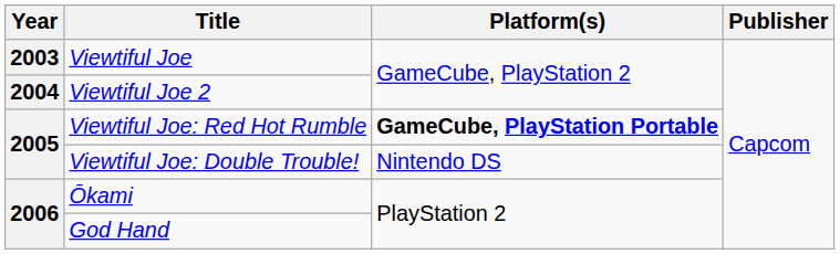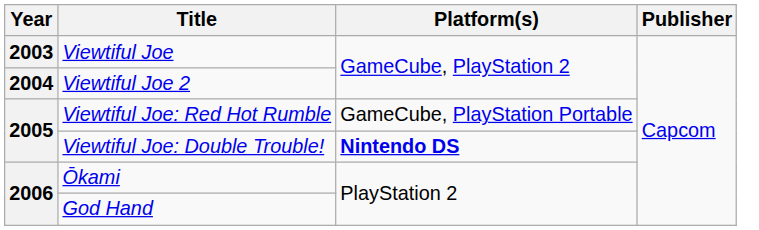 <table class="wikitable sortable">
 <tr>
 <th>Year</th>
 <th>Title</th>
 <th>Platform(s)</th>
 <th class="unsortable">Publisher</th>
 </tr>
 <tr>
 <th>2003</th>
 <td><em><a href='#'>Viewtiful Joe</a></em></td>
 <td rowspan="2"><a href='#'>GameCube</a>, <a href='#'>PlayStation 2</a></td>
 <td rowspan="6"><a href='#'>Capcom</a></td>
 </tr>
 <tr>
 <th>2004</th>
 <td><em><a href='#'>Viewtiful Joe 2</a></em></td>
 </tr>
 <tr>
 <th rowspan="2">2005</th>
 <td><em><a href='#'>Viewtiful Joe: Red Hot Rumble</a></em></td>
-<td><strong>GameCube, <a href='#'>PlayStation Portable</a></strong></td>
+<td>GameCube, <a href='#'>PlayStation Portable</a></td>
 </tr>
 <tr>
 <td><em><a href='#'>Viewtiful Joe: Double Trouble!</a></em></td>
-<td><a href='#'>Nintendo DS</a></td>
+<td><strong><a href='#'>Nintendo DS</a></strong></td>
 </tr>
 <tr>
 <th rowspan="2">2006</th>
 <td><em><a href='#'>Ōkami</a></em></td>
 <td rowspan="2">PlayStation 2</td>
 </tr>
 <tr>
 <td><em><a href='#'>God Hand</a></em></td>
 </tr>
 </table>
